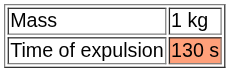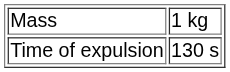 <table border="1">
 <tr>
 <td>Mass</td>
 <td>1 kg</td>
 </tr>
 <tr>
 <td>Time of expulsion</td>
-<td style="background: lightsalmon;">130 s</td>
+<td>130 s</td>
 </tr>
 </table>
